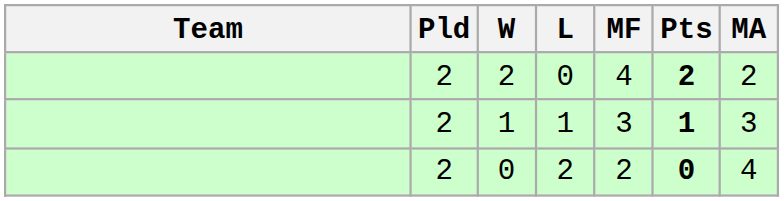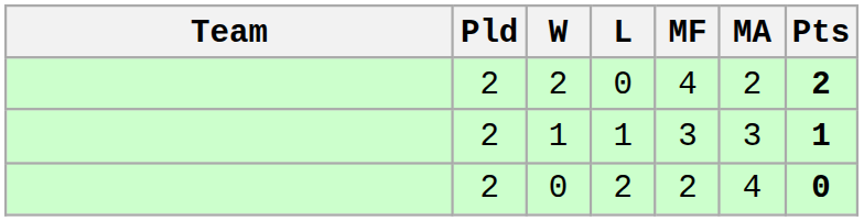 <table class=wikitable style="text-align:center">
 <tr>
 <th width=175>Team</th>
 <th width=20>Pld</th>
 <th width=20>W</th>
 <th width=20>L</th>
 <th width=20>MF</th>
+<th width=20>MA</th>
 <th width=20>Pts</th>
-<th width=20>MA</th>
 </tr>
 <tr bgcolor=ccffcc>
 <td style="text-align:left"></td>
 <td>2</td>
 <td>2</td>
 <td>0</td>
 <td>4</td>
+<td>2</td>
 <td><strong>2</strong></td>
-<td>2</td>
 </tr>
 <tr bgcolor=ccffcc>
 <td style="text-align:left"></td>
 <td>2</td>
 <td>1</td>
 <td>1</td>
 <td>3</td>
+<td>3</td>
 <td><strong>1</strong></td>
-<td>3</td>
 </tr>
 <tr bgcolor=ccffcc>
 <td style="text-align:left"></td>
 <td>2</td>
 <td>0</td>
 <td>2</td>
 <td>2</td>
+<td>4</td>
 <td><strong>0</strong></td>
-<td>4</td>
 </tr>
 </table>
